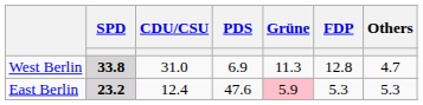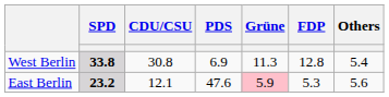 <table class="wikitable sortable" style="text-align: center; font-size: 90%; line-height: 14px;">
 <tr style="height: 40px;">
 <th rowspan="2"></th>
 <th style="width: 40px;"><a href='#'>SPD</a></th>
 <th style="width: 40px;"><a href='#'>CDU/CSU</a></th>
 <th style="width: 40px;"><a href='#'>PDS</a></th>
 <th style="width: 40px;"><a href='#'>Grüne</a></th>
 <th style="width: 40px;"><a href='#'>FDP</a></th>
 <th style="width: 40px;">Others</th>
 </tr>
 <tr>
 <th style="background:"></th>
 <th style="background:"></th>
 <th style="background:"></th>
 <th style="background:"></th>
 <th style="background:"></th>
 <th style="background:"></th>
 </tr>
 <tr>
 <td style="text-align: left;"><a href='#'>West Berlin</a></td>
 <td style="background: #D7D5D7;"><strong>33.8 </strong></td>
-<td>31.0</td>
+<td>30.8</td>
 <td>6.9</td>
 <td>11.3</td>
 <td>12.8</td>
-<td>4.7</td>
+<td>5.4</td>
 </tr>
 <tr>
 <td style="text-align: left;"><a href='#'>East Berlin</a></td>
 <td style="background: #D7D5D7;"><strong>23.2</strong></td>
-<td>12.4</td>
+<td>12.1</td>
 <td>47.6</td>
 <td style="background: pink;">5.9</td>
 <td>5.3</td>
-<td>5.3</td>
+<td>5.6</td>
 </tr>
 </table>
